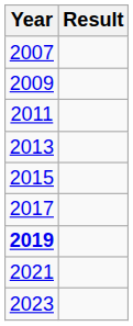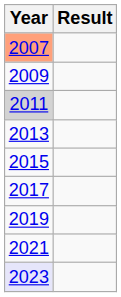 <table class="wikitable" style="text-align:center">
 <tr>
 <th>Year</th>
 <th>Result</th>
 </tr>
 <tr>
-<td><a href='#'>2007</a></td>
+<td style="background: lightsalmon;"><a href='#'>2007</a></td>
 <td></td>
 </tr>
 <tr>
 <td><a href='#'>2009</a></td>
 <td></td>
 </tr>
 <tr>
-<td><a href='#'>2011</a></td>
+<td style="background: lightgrey;"><a href='#'>2011</a></td>
 <td></td>
 </tr>
 <tr>
 <td><a href='#'>2013</a></td>
 <td></td>
 </tr>
 <tr>
 <td><a href='#'>2015</a></td>
 <td></td>
 </tr>
 <tr>
 <td><a href='#'>2017</a></td>
 <td></td>
 </tr>
 <tr>
-<td><strong><a href='#'>2019</a></strong></td>
+<td><a href='#'>2019</a></td>
 <td></td>
 </tr>
 <tr>
 <td><a href='#'>2021</a></td>
 <td></td>
 </tr>
 <tr>
-<td><a href='#'>2023</a></td>
+<td style="background: lavender;"><a href='#'>2023</a></td>
 <td></td>
 </tr>
 </table>
